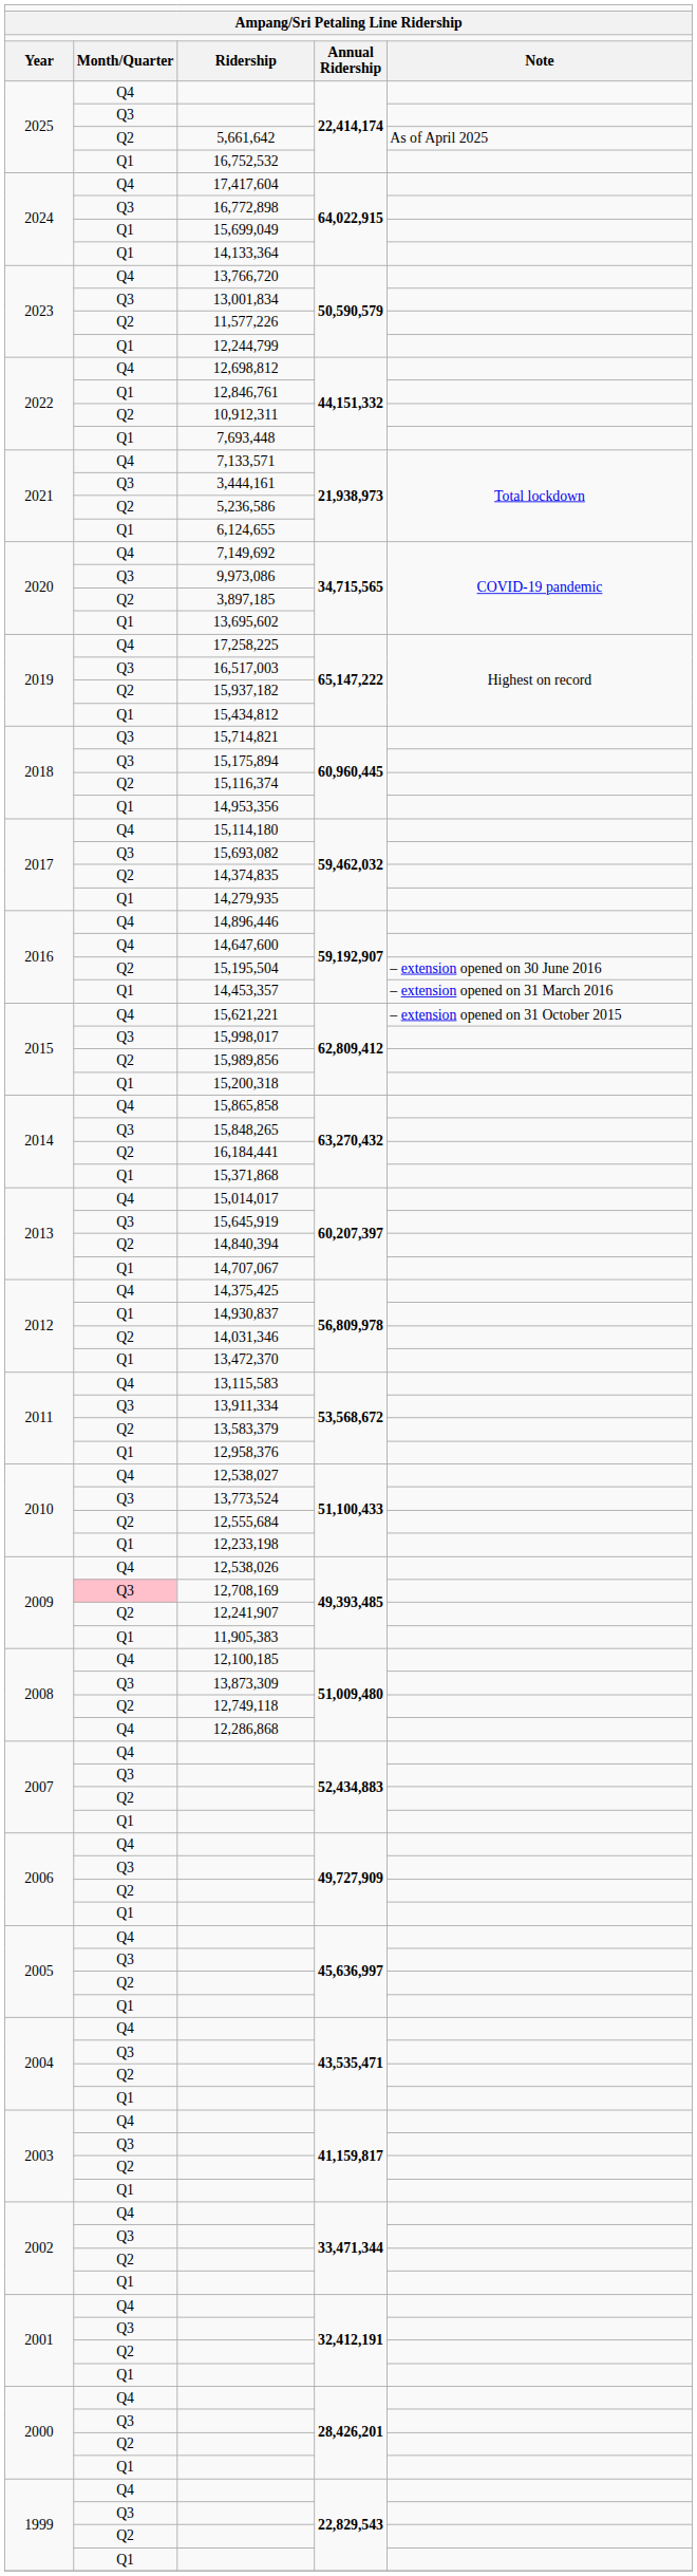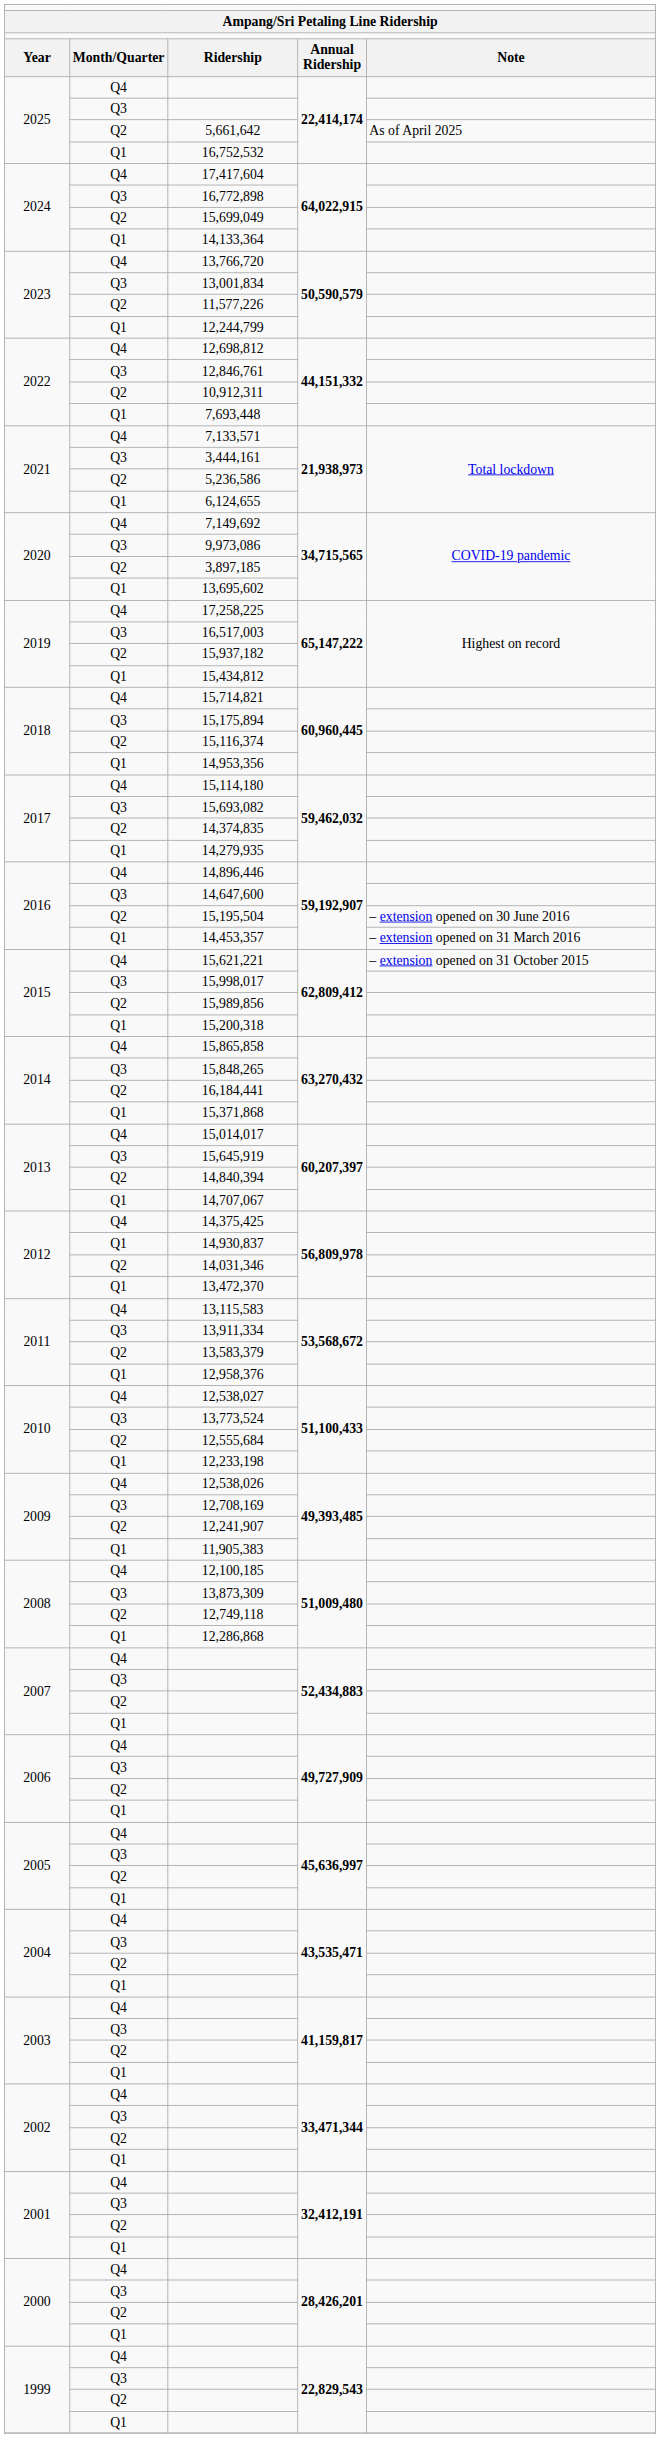 <table class="wikitable" style="width:60%">
 <tr>
 <td colspan=5 align="center" bgcolor=></td>
 </tr>
 <tr>
 <th colspan=5 align="center">Ampang/Sri Petaling Line Ridership</th>
 </tr>
 <tr>
 <td colspan="5" align="center"></td>
 </tr>
 <tr>
 <th style="width:10%">Year</th>
 <th style="width:10%">Month/Quarter</th>
 <th style="width:20%">Ridership</th>
 <th style="width:10%">Annual Ridership</th>
 <th>Note</th>
 </tr>
 <tr>
 <td rowspan="4" align="center">2025</td>
 <td align="center">Q4</td>
 <td align="center"></td>
 <td rowspan="4" align="center"><strong>22,414,174</strong></td>
 <td></td>
 </tr>
 <tr>
 <td align="center">Q3</td>
 <td align="center"></td>
 <td></td>
 </tr>
 <tr>
 <td align="center">Q2</td>
 <td align="center">5,661,642</td>
 <td>As of April 2025</td>
 </tr>
 <tr>
 <td align="center">Q1</td>
 <td align="center">16,752,532</td>
 <td></td>
 </tr>
 <tr>
 <td rowspan="4" align="center">2024</td>
 <td align="center">Q4</td>
 <td align="center">17,417,604</td>
 <td rowspan="4" align="center"><strong>64,022,915</strong></td>
 <td></td>
 </tr>
 <tr>
 <td align="center">Q3</td>
 <td align="center">16,772,898</td>
 <td></td>
 </tr>
 <tr>
-<td align="center">Q1</td>
+<td align="center">Q2</td>
 <td align="center">15,699,049</td>
 <td></td>
 </tr>
 <tr>
 <td align="center">Q1</td>
 <td align="center">14,133,364</td>
 <td></td>
 </tr>
 <tr>
 <td rowspan="4" align="center">2023</td>
 <td align="center">Q4</td>
 <td align="center">13,766,720</td>
 <td rowspan="4" align="center"><strong>50,590,579</strong></td>
 <td></td>
 </tr>
 <tr>
 <td align="center">Q3</td>
 <td align="center">13,001,834</td>
 <td></td>
 </tr>
 <tr>
 <td align="center">Q2</td>
 <td align="center">11,577,226</td>
 <td></td>
 </tr>
 <tr>
 <td align="center">Q1</td>
 <td align="center">12,244,799</td>
 <td></td>
 </tr>
 <tr>
 <td rowspan="4" align="center">2022</td>
 <td align="center">Q4</td>
 <td align="center">12,698,812</td>
 <td rowspan="4" align="center"><strong>44,151,332</strong></td>
 <td></td>
 </tr>
 <tr>
-<td align="center">Q1</td>
+<td align="center">Q3</td>
 <td align="center">12,846,761</td>
 <td></td>
 </tr>
 <tr>
 <td align="center">Q2</td>
 <td align="center">10,912,311</td>
 <td></td>
 </tr>
 <tr>
 <td align="center">Q1</td>
 <td align="center">7,693,448</td>
 <td></td>
 </tr>
 <tr>
 <td rowspan="4" align="center">2021</td>
 <td align="center">Q4</td>
 <td align="center">7,133,571</td>
 <td rowspan="4" align="center"><strong>21,938,973</strong></td>
 <td rowspan="4" align="center"><a href='#'>Total lockdown</a></td>
 </tr>
 <tr>
 <td align="center">Q3</td>
 <td align="center">3,444,161</td>
 </tr>
 <tr>
 <td align="center">Q2</td>
 <td align="center">5,236,586</td>
 </tr>
 <tr>
 <td align="center">Q1</td>
 <td align="center">6,124,655</td>
 </tr>
 <tr>
 <td rowspan="4" align="center">2020</td>
 <td align="center">Q4</td>
 <td align="center">7,149,692</td>
 <td rowspan="4" align="center"><strong>34,715,565</strong></td>
 <td rowspan="4" align="center"><a href='#'>COVID-19 pandemic</a></td>
 </tr>
 <tr>
 <td align="center">Q3</td>
 <td align="center">9,973,086</td>
 </tr>
 <tr>
 <td align="center">Q2</td>
 <td align="center">3,897,185</td>
 </tr>
 <tr>
 <td align="center">Q1</td>
 <td align="center">13,695,602</td>
 </tr>
 <tr>
 <td rowspan="4" align="center">2019</td>
 <td align="center">Q4</td>
 <td align="center">17,258,225</td>
 <td rowspan="4" align="center"><strong>65,147,222</strong></td>
 <td rowspan="4" align="center">Highest on record</td>
 </tr>
 <tr>
 <td align="center">Q3</td>
 <td align="center">16,517,003</td>
 </tr>
 <tr>
 <td align="center">Q2</td>
 <td align="center">15,937,182</td>
 </tr>
 <tr>
 <td align="center">Q1</td>
 <td align="center">15,434,812</td>
 </tr>
 <tr>
 <td rowspan="4" align="center">2018</td>
-<td align="center">Q3</td>
+<td align="center">Q4</td>
 <td align="center">15,714,821</td>
 <td rowspan="4" align="center"><strong>60,960,445</strong></td>
 <td></td>
 </tr>
 <tr>
 <td align="center">Q3</td>
 <td align="center">15,175,894</td>
 <td></td>
 </tr>
 <tr>
 <td align="center">Q2</td>
 <td align="center">15,116,374</td>
 <td></td>
 </tr>
 <tr>
 <td align="center">Q1</td>
 <td align="center">14,953,356</td>
 <td></td>
 </tr>
 <tr>
 <td rowspan="4" align="center">2017</td>
 <td align="center">Q4</td>
 <td align="center">15,114,180</td>
 <td rowspan="4" align="center"><strong>59,462,032</strong></td>
 <td></td>
 </tr>
 <tr>
 <td align="center">Q3</td>
 <td align="center">15,693,082</td>
 <td></td>
 </tr>
 <tr>
 <td align="center">Q2</td>
 <td align="center">14,374,835</td>
 <td></td>
 </tr>
 <tr>
 <td align="center">Q1</td>
 <td align="center">14,279,935</td>
 <td></td>
 </tr>
 <tr>
 <td rowspan="4" align="center">2016</td>
 <td align="center">Q4</td>
 <td align="center">14,896,446</td>
 <td rowspan="4" align="center"><strong>59,192,907</strong></td>
 <td></td>
 </tr>
 <tr>
-<td align="center">Q4</td>
+<td align="center">Q3</td>
 <td align="center">14,647,600</td>
 <td></td>
 </tr>
 <tr>
 <td align="center">Q2</td>
 <td align="center">15,195,504</td>
 <td>  –   <a href='#'>extension</a> opened on 30 June 2016</td>
 </tr>
 <tr>
 <td align="center">Q1</td>
 <td align="center">14,453,357</td>
 <td>  –   <a href='#'>extension</a> opened on 31 March 2016</td>
 </tr>
 <tr>
 <td rowspan="4" align="center">2015</td>
 <td align="center">Q4</td>
 <td align="center">15,621,221</td>
 <td rowspan="4" align="center"><strong>62,809,412</strong></td>
 <td>  –   <a href='#'>extension</a> opened on 31 October 2015</td>
 </tr>
 <tr>
 <td align="center">Q3</td>
 <td align="center">15,998,017</td>
 <td></td>
 </tr>
 <tr>
 <td align="center">Q2</td>
 <td align="center">15,989,856</td>
 <td></td>
 </tr>
 <tr>
 <td align="center">Q1</td>
 <td align="center">15,200,318</td>
 <td></td>
 </tr>
 <tr>
 <td rowspan="4" align="center">2014</td>
 <td align="center">Q4</td>
 <td align="center">15,865,858</td>
 <td rowspan="4" align="center"><strong>63,270,432</strong></td>
 <td></td>
 </tr>
 <tr>
 <td align="center">Q3</td>
 <td align="center">15,848,265</td>
 <td></td>
 </tr>
 <tr>
 <td align="center">Q2</td>
 <td align="center">16,184,441</td>
 <td></td>
 </tr>
 <tr>
 <td align="center">Q1</td>
 <td align="center">15,371,868</td>
 <td></td>
 </tr>
 <tr>
 <td rowspan="4" align="center">2013</td>
 <td align="center">Q4</td>
 <td align="center">15,014,017</td>
 <td rowspan="4" align="center"><strong>60,207,397</strong></td>
 <td></td>
 </tr>
 <tr>
 <td align="center">Q3</td>
 <td align="center">15,645,919</td>
 <td></td>
 </tr>
 <tr>
 <td align="center">Q2</td>
 <td align="center">14,840,394</td>
 <td></td>
 </tr>
 <tr>
 <td align="center">Q1</td>
 <td align="center">14,707,067</td>
 <td></td>
 </tr>
 <tr>
 <td rowspan="4" align="center">2012</td>
 <td align="center">Q4</td>
 <td align="center">14,375,425</td>
 <td rowspan="4" align="center"><strong>56,809,978</strong></td>
 <td></td>
 </tr>
 <tr>
 <td align="center">Q1</td>
 <td align="center">14,930,837</td>
 <td></td>
 </tr>
 <tr>
 <td align="center">Q2</td>
 <td align="center">14,031,346</td>
 <td></td>
 </tr>
 <tr>
 <td align="center">Q1</td>
 <td align="center">13,472,370</td>
 <td></td>
 </tr>
 <tr>
 <td rowspan="4" align="center">2011</td>
 <td align="center">Q4</td>
 <td align="center">13,115,583</td>
 <td rowspan="4" align="center"><strong>53,568,672</strong></td>
 <td></td>
 </tr>
 <tr>
 <td align="center">Q3</td>
 <td align="center">13,911,334</td>
 <td></td>
 </tr>
 <tr>
 <td align="center">Q2</td>
 <td align="center">13,583,379</td>
 <td></td>
 </tr>
 <tr>
 <td align="center">Q1</td>
 <td align="center">12,958,376</td>
 <td></td>
 </tr>
 <tr>
 <td rowspan="4" align="center">2010</td>
 <td align="center">Q4</td>
 <td align="center">12,538,027</td>
 <td rowspan="4" align="center"><strong>51,100,433</strong></td>
 <td></td>
 </tr>
 <tr>
 <td align="center">Q3</td>
 <td align="center">13,773,524</td>
 <td></td>
 </tr>
 <tr>
 <td align="center">Q2</td>
 <td align="center">12,555,684</td>
 <td></td>
 </tr>
 <tr>
 <td align="center">Q1</td>
 <td align="center">12,233,198</td>
 <td></td>
 </tr>
 <tr>
 <td rowspan="4" align="center">2009</td>
 <td align="center">Q4</td>
 <td align="center">12,538,026</td>
 <td rowspan="4" align="center"><strong>49,393,485</strong></td>
 <td></td>
 </tr>
 <tr>
-<td align="center" style="background: pink;">Q3</td>
+<td align="center">Q3</td>
 <td align="center">12,708,169</td>
 <td></td>
 </tr>
 <tr>
 <td align="center">Q2</td>
 <td align="center">12,241,907</td>
 <td></td>
 </tr>
 <tr>
 <td align="center">Q1</td>
 <td align="center">11,905,383</td>
 <td></td>
 </tr>
 <tr>
 <td rowspan="4" align="center">2008</td>
 <td align="center">Q4</td>
 <td align="center">12,100,185</td>
 <td rowspan="4" align="center"><strong>51,009,480</strong></td>
 <td></td>
 </tr>
 <tr>
 <td align="center">Q3</td>
 <td align="center">13,873,309</td>
 <td></td>
 </tr>
 <tr>
 <td align="center">Q2</td>
 <td align="center">12,749,118</td>
 <td></td>
 </tr>
 <tr>
-<td align="center">Q4</td>
+<td align="center">Q1</td>
 <td align="center">12,286,868</td>
 <td></td>
 </tr>
 <tr>
 <td rowspan="4" align="center">2007</td>
 <td align="center">Q4</td>
 <td align="center"></td>
 <td rowspan="4" align="center"><strong>52,434,883</strong></td>
 <td></td>
 </tr>
 <tr>
 <td align="center">Q3</td>
 <td align="center"></td>
 <td></td>
 </tr>
 <tr>
 <td align="center">Q2</td>
 <td align="center"></td>
 <td></td>
 </tr>
 <tr>
 <td align="center">Q1</td>
 <td align="center"></td>
 <td></td>
 </tr>
 <tr>
 <td rowspan="4" align="center">2006</td>
 <td align="center">Q4</td>
 <td align="center"></td>
 <td rowspan="4" align="center"><strong>49,727,909</strong></td>
 <td></td>
 </tr>
 <tr>
 <td align="center">Q3</td>
 <td align="center"></td>
 <td></td>
 </tr>
 <tr>
 <td align="center">Q2</td>
 <td align="center"></td>
 <td></td>
 </tr>
 <tr>
 <td align="center">Q1</td>
 <td align="center"></td>
 <td></td>
 </tr>
 <tr>
 <td rowspan="4" align="center">2005</td>
 <td align="center">Q4</td>
 <td align="center"></td>
 <td rowspan="4" align="center"><strong>45,636,997</strong></td>
 <td></td>
 </tr>
 <tr>
 <td align="center">Q3</td>
 <td align="center"></td>
 <td></td>
 </tr>
 <tr>
 <td align="center">Q2</td>
 <td align="center"></td>
 <td></td>
 </tr>
 <tr>
 <td align="center">Q1</td>
 <td align="center"></td>
 <td></td>
 </tr>
 <tr>
 <td rowspan="4" align="center">2004</td>
 <td align="center">Q4</td>
 <td align="center"></td>
 <td rowspan="4" align="center"><strong>43,535,471</strong></td>
 <td></td>
 </tr>
 <tr>
 <td align="center">Q3</td>
 <td align="center"></td>
 <td></td>
 </tr>
 <tr>
 <td align="center">Q2</td>
 <td align="center"></td>
 <td></td>
 </tr>
 <tr>
 <td align="center">Q1</td>
 <td align="center"></td>
 <td></td>
 </tr>
 <tr>
 <td rowspan="4" align="center">2003</td>
 <td align="center">Q4</td>
 <td align="center"></td>
 <td rowspan="4" align="center"><strong>41,159,817</strong></td>
 <td></td>
 </tr>
 <tr>
 <td align="center">Q3</td>
 <td align="center"></td>
 <td></td>
 </tr>
 <tr>
 <td align="center">Q2</td>
 <td align="center"></td>
 <td></td>
 </tr>
 <tr>
 <td align="center">Q1</td>
 <td align="center"></td>
 <td></td>
 </tr>
 <tr>
 <td rowspan="4" align="center">2002</td>
 <td align="center">Q4</td>
 <td align="center"></td>
 <td rowspan="4" align="center"><strong>33,471,344</strong></td>
 <td></td>
 </tr>
 <tr>
 <td align="center">Q3</td>
 <td align="center"></td>
 <td></td>
 </tr>
 <tr>
 <td align="center">Q2</td>
 <td align="center"></td>
 <td></td>
 </tr>
 <tr>
 <td align="center">Q1</td>
 <td align="center"></td>
 <td></td>
 </tr>
 <tr>
 <td rowspan="4" align="center">2001</td>
 <td align="center">Q4</td>
 <td align="center"></td>
 <td rowspan="4" align="center"><strong>32,412,191</strong></td>
 <td></td>
 </tr>
 <tr>
 <td align="center">Q3</td>
 <td align="center"></td>
 <td></td>
 </tr>
 <tr>
 <td align="center">Q2</td>
 <td align="center"></td>
 <td></td>
 </tr>
 <tr>
 <td align="center">Q1</td>
 <td align="center"></td>
 <td></td>
 </tr>
 <tr>
 <td rowspan="4" align="center">2000</td>
 <td align="center">Q4</td>
 <td align="center"></td>
 <td rowspan="4" align="center"><strong>28,426,201</strong></td>
 <td></td>
 </tr>
 <tr>
 <td align="center">Q3</td>
 <td align="center"></td>
 <td></td>
 </tr>
 <tr>
 <td align="center">Q2</td>
 <td align="center"></td>
 <td></td>
 </tr>
 <tr>
 <td align="center">Q1</td>
 <td align="center"></td>
 <td></td>
 </tr>
 <tr>
 <td rowspan="4" align="center">1999</td>
 <td align="center">Q4</td>
 <td align="center"></td>
 <td rowspan="4" align="center"><strong>22,829,543</strong></td>
 <td></td>
 </tr>
 <tr>
 <td align="center">Q3</td>
 <td align="center"></td>
 <td></td>
 </tr>
 <tr>
 <td align="center">Q2</td>
 <td align="center"></td>
 <td></td>
 </tr>
 <tr>
 <td align="center">Q1</td>
 <td align="center"></td>
 <td></td>
 </tr>
 <tr>
 </tr>
 </table>
